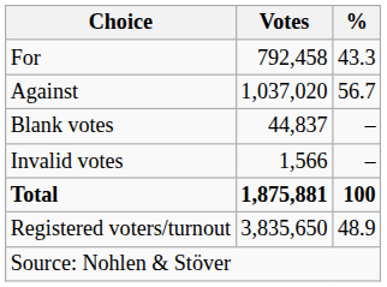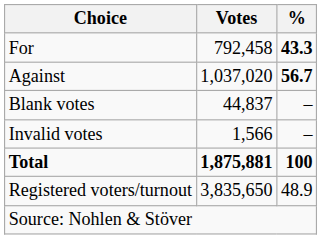 <table class=wikitable style=text-align:right>
 <tr>
 <th>Choice</th>
 <th>Votes</th>
 <th>%</th>
 </tr>
 <tr>
 <td align=left>For</td>
 <td>792,458</td>
-<td>43.3</td>
+<td><strong>43.3</strong></td>
 </tr>
 <tr>
 <td align=left>Against</td>
 <td>1,037,020</td>
-<td>56.7</td>
+<td><strong>56.7</strong></td>
 </tr>
 <tr>
 <td align=left>Blank votes</td>
 <td>44,837</td>
 <td>–</td>
 </tr>
 <tr>
 <td align=left>Invalid votes</td>
 <td>1,566</td>
 <td>–</td>
 </tr>
 <tr>
 <td align=left><strong>Total</strong></td>
 <td><strong>1,875,881</strong></td>
 <td><strong>100</strong></td>
 </tr>
 <tr>
 <td align=left>Registered voters/turnout</td>
 <td>3,835,650</td>
 <td>48.9</td>
 </tr>
 <tr>
 <td align=left colspan=11>Source: Nohlen & Stöver</td>
 </tr>
 </table>
